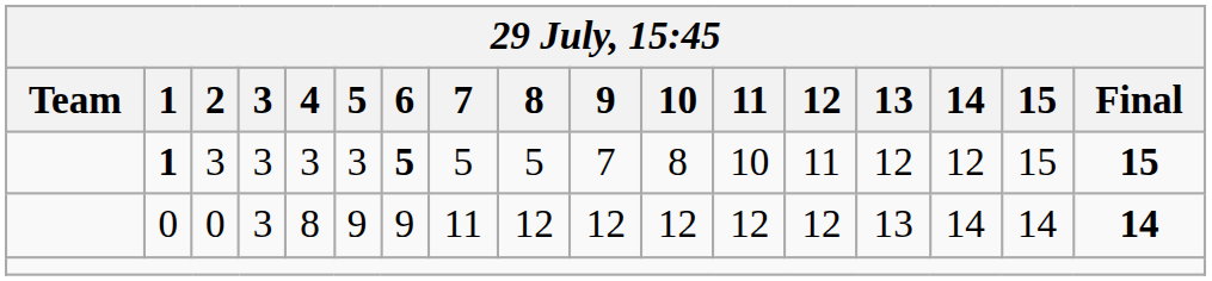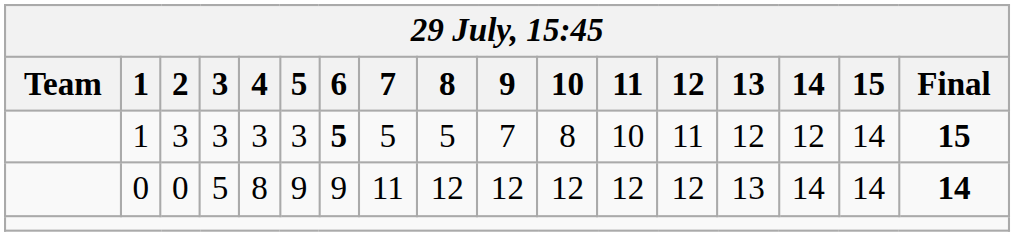 <table class=wikitable style="text-align:center; width: 55%">
 <tr>
 <th colspan=17><em>29 July, 15:45</em></th>
 </tr>
 <tr>
 <th>Team</th>
 <th>1</th>
 <th>2</th>
 <th>3</th>
 <th>4</th>
 <th>5</th>
 <th>6</th>
 <th>7</th>
 <th>8</th>
 <th>9</th>
 <th>10</th>
 <th>11</th>
 <th>12</th>
 <th>13</th>
 <th>14</th>
 <th>15</th>
 <th>Final</th>
 </tr>
 <tr>
 <td align=left><strong></strong></td>
-<td><strong>1</strong></td>
+<td>1</td>
 <td>3</td>
 <td>3</td>
 <td>3</td>
 <td>3</td>
 <td><strong>5</strong></td>
 <td>5</td>
 <td>5</td>
 <td>7</td>
 <td>8</td>
 <td>10</td>
 <td>11</td>
 <td>12</td>
 <td>12</td>
-<td>15</td>
+<td>14</td>
 <td><strong>15</strong></td>
 </tr>
 <tr>
 <td align=left></td>
 <td>0</td>
 <td>0</td>
-<td>3</td>
+<td>5</td>
 <td>8</td>
 <td>9</td>
 <td>9</td>
 <td>11</td>
 <td>12</td>
 <td>12</td>
 <td>12</td>
 <td>12</td>
 <td>12</td>
 <td>13</td>
 <td>14</td>
 <td>14</td>
 <td><strong>14</strong></td>
 </tr>
 <tr>
 <td colspan=17></td>
 </tr>
 </table>
